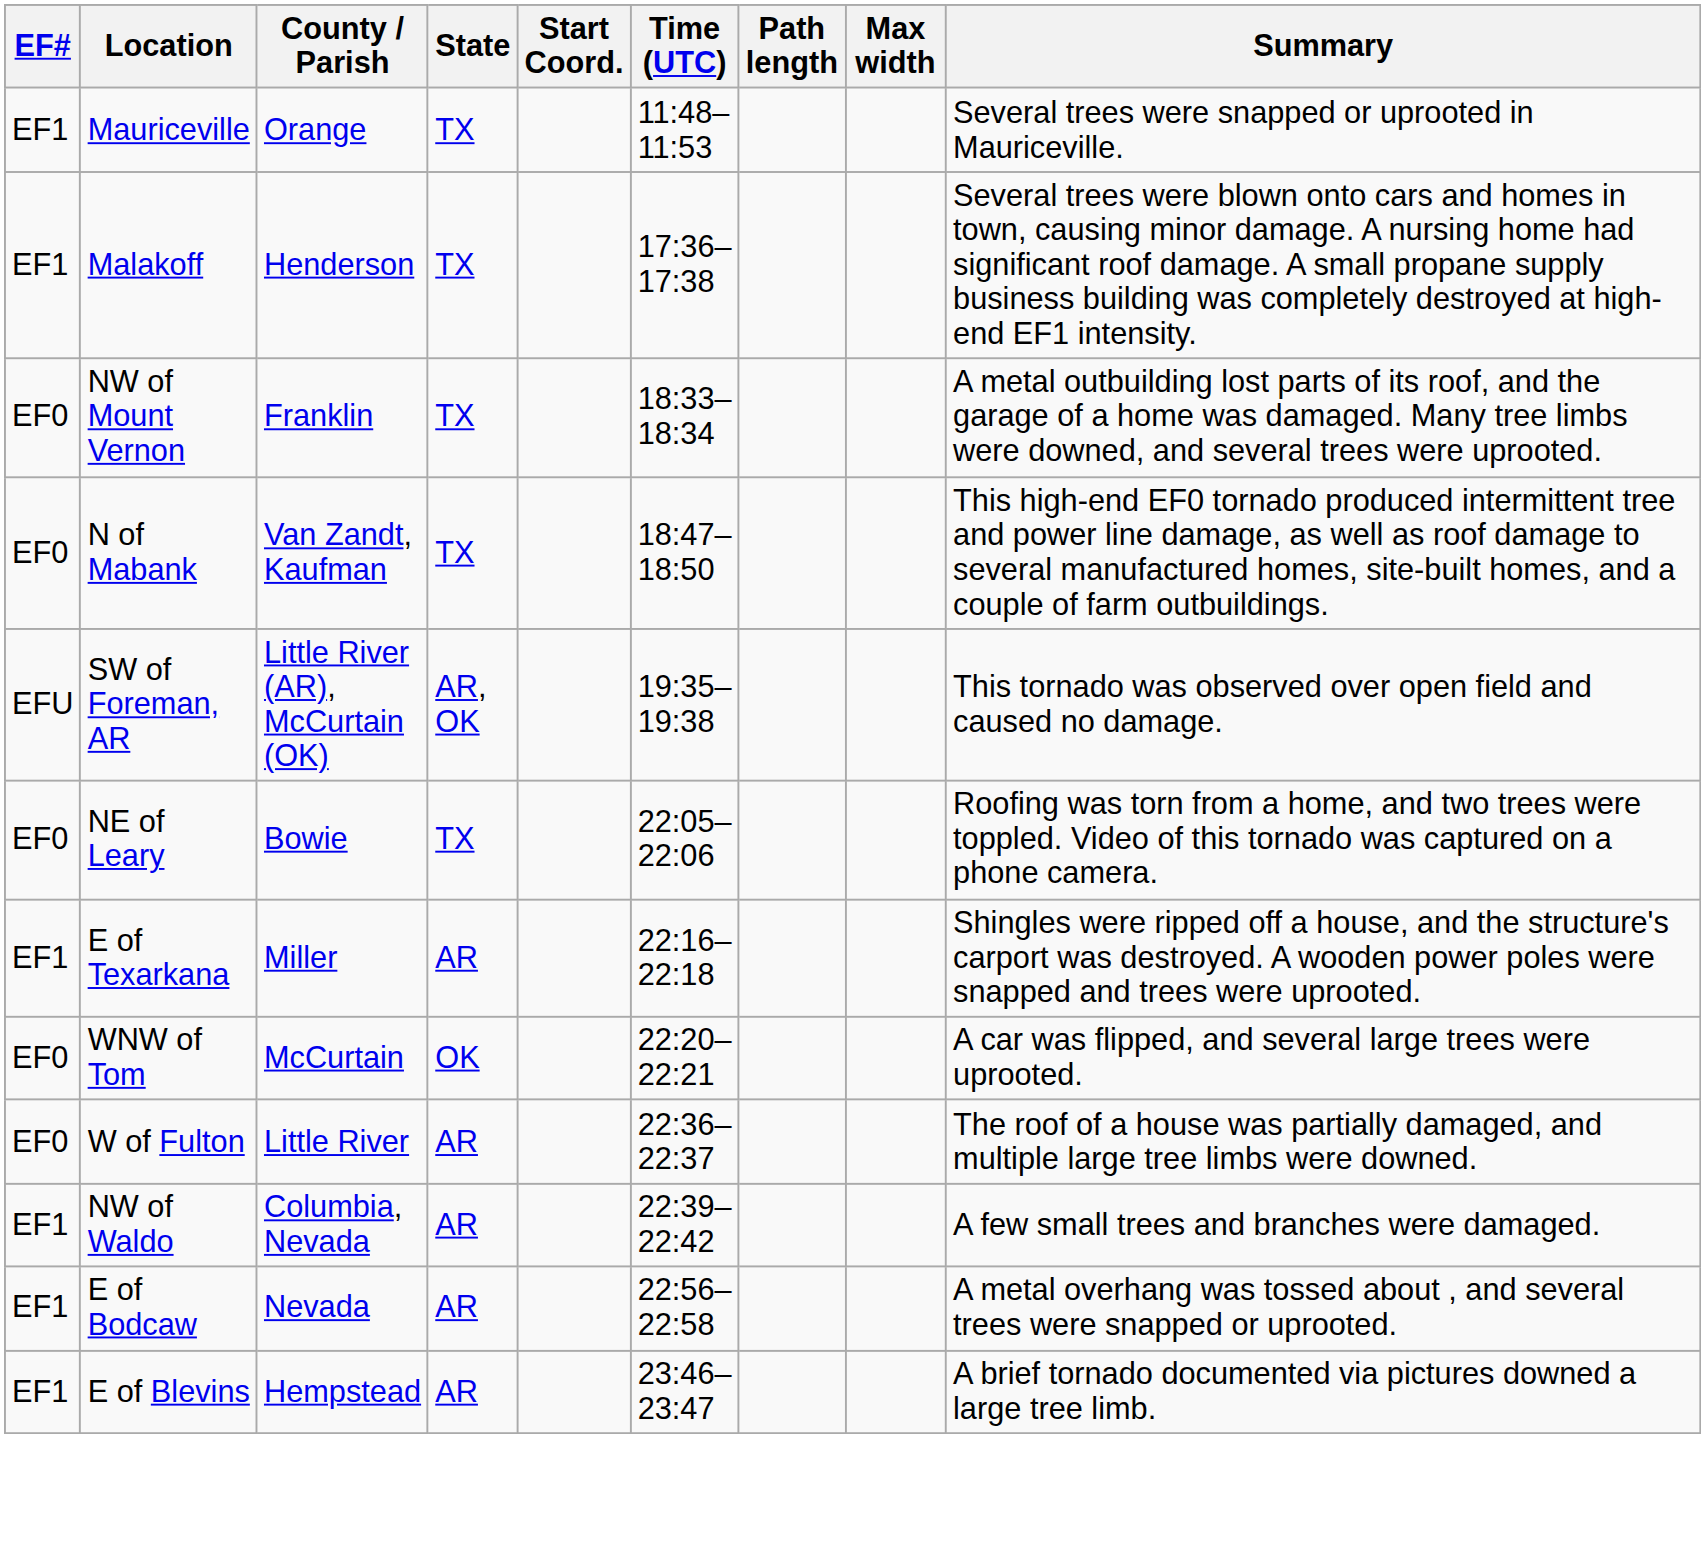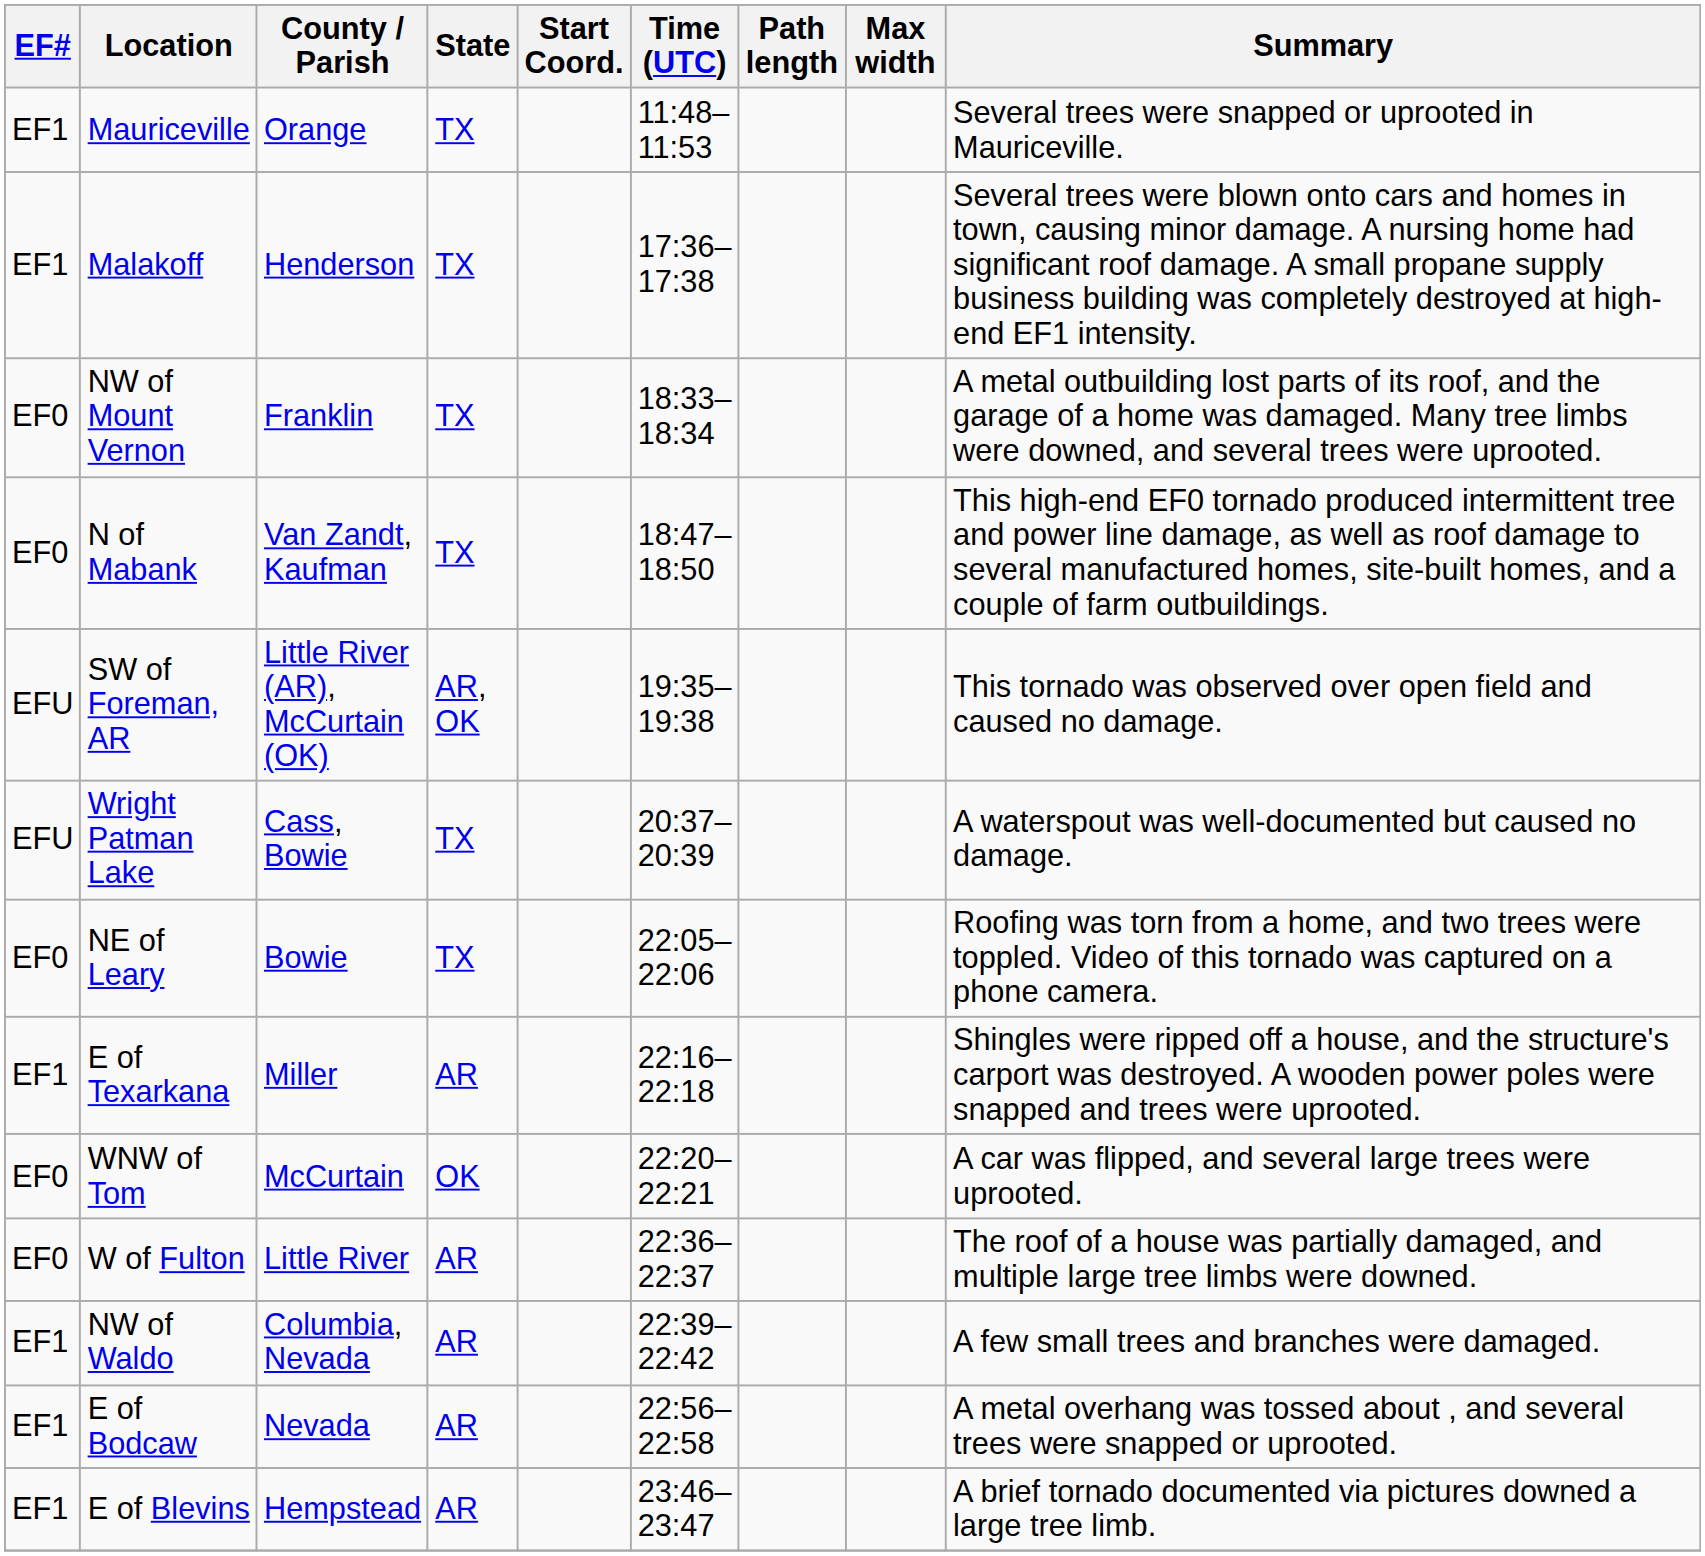 <table class="wikitable sortable" style="width:100%;">
 <tr>
 <th scope="col"  style="width:3%; text-align:center;"><a href='#'>EF#</a></th>
 <th scope="col"  style="width:7%; text-align:center;" class="unsortable">Location</th>
 <th scope="col"  style="width:6%; text-align:center;" class="unsortable">County / Parish</th>
 <th scope="col"  style="width:5%; text-align:center;">State</th>
 <th scope="col"  style="width:6%; text-align:center;">Start Coord.</th>
 <th scope="col"  style="width:6%; text-align:center;">Time (<a href='#'>UTC</a>)</th>
 <th scope="col"  style="width:6%; text-align:center;">Path length</th>
 <th scope="col"  style="width:6%; text-align:center;">Max width</th>
 <th scope="col" class="unsortable" style="width:48%; text-align:center;">Summary</th>
 </tr>
 <tr>
 <td>EF1</td>
 <td><a href='#'>Mauriceville</a></td>
 <td><a href='#'>Orange</a></td>
 <td><a href='#'>TX</a></td>
 <td></td>
 <td>11:48–11:53</td>
 <td></td>
 <td></td>
 <td>Several trees were snapped or uprooted in Mauriceville.</td>
 </tr>
 <tr>
 <td>EF1 </td>
 <td><a href='#'>Malakoff</a></td>
 <td><a href='#'>Henderson</a></td>
 <td><a href='#'>TX</a></td>
 <td></td>
 <td>17:36–17:38</td>
 <td></td>
 <td></td>
 <td>Several trees were blown onto cars and homes in town, causing minor damage. A nursing home had significant roof damage. A small propane supply business building was completely destroyed at high-end EF1 intensity.</td>
 </tr>
 <tr>
 <td>EF0</td>
 <td>NW of <a href='#'>Mount Vernon</a></td>
 <td><a href='#'>Franklin</a></td>
 <td><a href='#'>TX</a></td>
 <td></td>
 <td>18:33–18:34</td>
 <td></td>
 <td></td>
 <td>A metal outbuilding lost parts of its roof, and the garage of a home was damaged. Many tree limbs were downed, and several trees were uprooted.</td>
 </tr>
 <tr>
 <td>EF0</td>
 <td>N of <a href='#'>Mabank</a></td>
 <td><a href='#'>Van Zandt</a>, <a href='#'>Kaufman</a></td>
 <td><a href='#'>TX</a></td>
 <td></td>
 <td>18:47–18:50</td>
 <td></td>
 <td></td>
 <td>This high-end EF0 tornado produced intermittent tree and power line damage, as well as roof damage to several manufactured homes, site-built homes, and a couple of farm outbuildings.</td>
 </tr>
 <tr>
 <td>EFU</td>
 <td>SW of <a href='#'>Foreman, AR</a></td>
 <td><a href='#'>Little River (AR)</a>, <a href='#'>McCurtain (OK)</a></td>
 <td><a href='#'>AR</a>, <a href='#'>OK</a></td>
 <td></td>
 <td>19:35–19:38</td>
 <td></td>
 <td></td>
 <td>This tornado was observed over open field and caused no damage.</td>
+</tr>
+<tr>
+<td>EFU</td>
+<td><a href='#'>Wright Patman Lake</a></td>
+<td><a href='#'>Cass</a>, <a href='#'>Bowie</a></td>
+<td><a href='#'>TX</a></td>
+<td></td>
+<td>20:37–20:39</td>
+<td></td>
+<td></td>
+<td>A waterspout was well-documented but caused no damage.</td>
 </tr>
 <tr>
 <td>EF0</td>
 <td>NE of <a href='#'>Leary</a></td>
 <td><a href='#'>Bowie</a></td>
 <td><a href='#'>TX</a></td>
 <td></td>
 <td>22:05–22:06</td>
 <td></td>
 <td></td>
 <td>Roofing was torn from a home, and two trees were toppled. Video of this tornado was captured on a phone camera.</td>
 </tr>
 <tr>
 <td>EF1</td>
 <td>E of <a href='#'>Texarkana</a></td>
 <td><a href='#'>Miller</a></td>
 <td><a href='#'>AR</a></td>
 <td></td>
 <td>22:16–22:18</td>
 <td></td>
 <td></td>
 <td>Shingles were ripped off a house, and the structure's carport was destroyed. A wooden power poles were snapped and trees were uprooted.</td>
 </tr>
 <tr>
 <td>EF0</td>
 <td>WNW of <a href='#'>Tom</a></td>
 <td><a href='#'>McCurtain</a></td>
 <td><a href='#'>OK</a></td>
 <td></td>
 <td>22:20–22:21</td>
 <td></td>
 <td></td>
 <td>A car was flipped, and several large trees were uprooted.</td>
 </tr>
 <tr>
 <td>EF0</td>
 <td>W of <a href='#'>Fulton</a></td>
 <td><a href='#'>Little River</a></td>
 <td><a href='#'>AR</a></td>
 <td></td>
 <td>22:36–22:37</td>
 <td></td>
 <td></td>
 <td>The roof of a house was partially damaged, and multiple large tree limbs were downed.</td>
 </tr>
 <tr>
 <td>EF1</td>
 <td>NW of <a href='#'>Waldo</a></td>
 <td><a href='#'>Columbia</a>, <a href='#'>Nevada</a></td>
 <td><a href='#'>AR</a></td>
 <td></td>
 <td>22:39–22:42</td>
 <td></td>
 <td></td>
 <td>A few small trees and branches were damaged.</td>
 </tr>
 <tr>
 <td>EF1</td>
 <td>E of <a href='#'>Bodcaw</a></td>
 <td><a href='#'>Nevada</a></td>
 <td><a href='#'>AR</a></td>
 <td></td>
 <td>22:56–22:58</td>
 <td></td>
 <td></td>
 <td>A metal overhang was tossed about , and several trees were snapped or uprooted.</td>
 </tr>
 <tr>
 <td>EF1</td>
 <td>E of <a href='#'>Blevins</a></td>
 <td><a href='#'>Hempstead</a></td>
 <td><a href='#'>AR</a></td>
 <td></td>
 <td>23:46–23:47</td>
 <td></td>
 <td></td>
 <td>A brief tornado documented via pictures downed a large tree limb.</td>
 </tr>
 <tr>
 </tr>
 </table>
